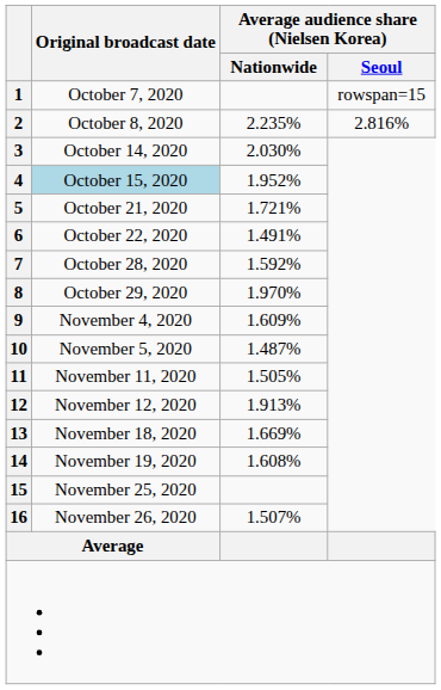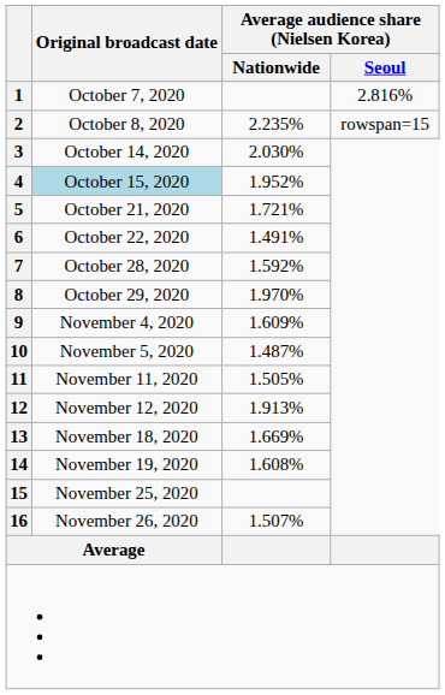 <table class="wikitable" style="text-align:center;max-width:450px; margin-left: auto; margin-right: auto; border: none;">
 <tr>
 </tr>
 <tr>
 <th rowspan="2"></th>
 <th rowspan="2">Original broadcast date</th>
 <th colspan="2">Average audience share<br>(Nielsen Korea)</th>
 </tr>
 <tr>
 <th width="90">Nationwide</th>
 <th width="90"><a href='#'>Seoul</a></th>
 </tr>
 <tr>
 <th>1</th>
 <td>October 7, 2020</td>
 <td></td>
-<td>rowspan=15 </td>
+<td>2.816%</td>
 </tr>
 <tr>
 <th>2</th>
 <td>October 8, 2020</td>
 <td>2.235%</td>
-<td>2.816%</td>
+<td>rowspan=15 </td>
 </tr>
 <tr>
 <th>3</th>
 <td>October 14, 2020</td>
 <td>2.030%</td>
 </tr>
 <tr>
 <th>4</th>
 <td style="background: lightblue;">October 15, 2020</td>
 <td>1.952%</td>
 </tr>
 <tr>
 <th>5</th>
 <td>October 21, 2020</td>
 <td>1.721%</td>
 </tr>
 <tr>
 <th>6</th>
 <td>October 22, 2020</td>
 <td>1.491%</td>
 </tr>
 <tr>
 <th>7</th>
 <td>October 28, 2020</td>
 <td>1.592%</td>
 </tr>
 <tr>
 <th>8</th>
 <td>October 29, 2020</td>
 <td>1.970%</td>
 </tr>
 <tr>
 <th>9</th>
 <td>November 4, 2020</td>
 <td>1.609%</td>
 </tr>
 <tr>
 <th>10</th>
 <td>November 5, 2020</td>
 <td>1.487%</td>
 </tr>
 <tr>
 <th>11</th>
 <td>November 11, 2020</td>
 <td>1.505%</td>
 </tr>
 <tr>
 <th>12</th>
 <td>November 12, 2020</td>
 <td>1.913%</td>
 </tr>
 <tr>
 <th>13</th>
 <td>November 18, 2020</td>
 <td>1.669%</td>
 </tr>
 <tr>
 <th>14</th>
 <td>November 19, 2020</td>
 <td>1.608%</td>
 </tr>
 <tr>
 <th>15</th>
 <td>November 25, 2020</td>
 <td></td>
 </tr>
 <tr>
 <th>16</th>
 <td>November 26, 2020</td>
 <td>1.507%</td>
 </tr>
 <tr>
 <th colspan="2">Average</th>
 <th></th>
 <th></th>
 </tr>
 <tr>
 <td colspan="6"><br><ul><li></li><li></li><li></li></ul></td>
 </tr>
 </table>
